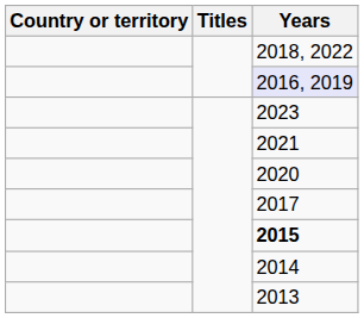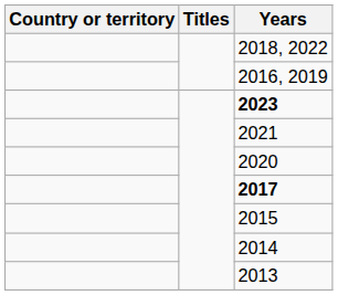 <table class="wikitable sortable" style="font-size:95%;">
 <tr>
 <th>Country or territory</th>
 <th>Titles</th>
 <th>Years</th>
 </tr>
 <tr>
 <td></td>
 <td rowspan="2"></td>
 <td>2018, 2022</td>
 </tr>
 <tr>
 <td></td>
-<td style="background: lavender;">2016, 2019</td>
+<td>2016, 2019</td>
 </tr>
 <tr>
 <td></td>
 <td rowspan="7"></td>
-<td>2023</td>
+<td><strong>2023</strong></td>
 </tr>
 <tr>
 <td></td>
 <td>2021</td>
 </tr>
 <tr>
 <td></td>
 <td>2020</td>
 </tr>
 <tr>
 <td></td>
-<td>2017</td>
+<td><strong>2017</strong></td>
 </tr>
 <tr>
 <td></td>
-<td><strong>2015</strong></td>
+<td>2015</td>
 </tr>
 <tr>
 <td></td>
 <td>2014</td>
 </tr>
 <tr>
 <td></td>
 <td>2013</td>
 </tr>
 </table>
